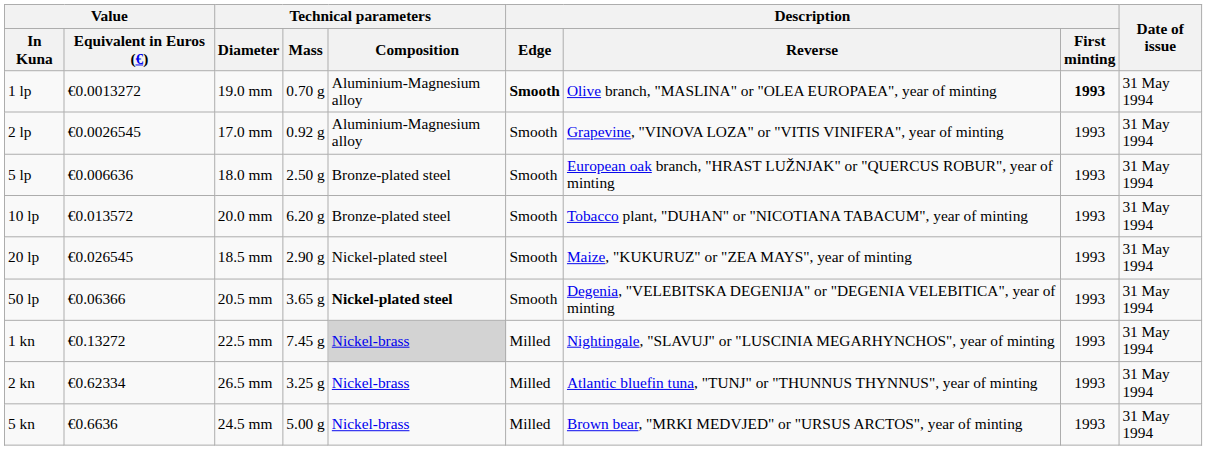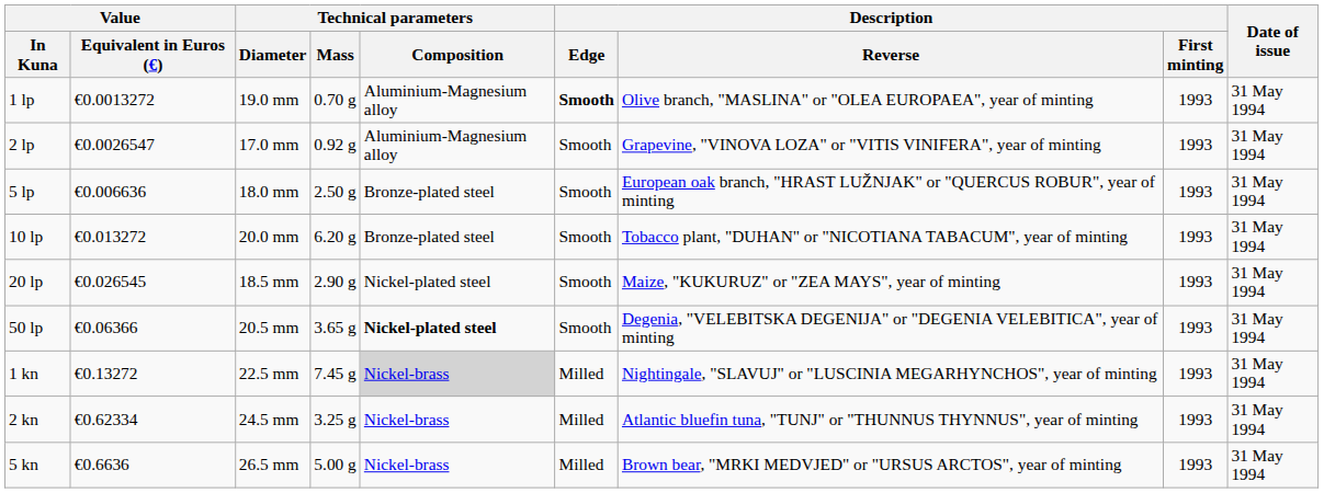 <table class="wikitable">
 <tr>
 <th colspan="2">Value</th>
 <th colspan="3">Technical parameters</th>
 <th colspan=3>Description</th>
 <th rowspan=2>Date of<br>issue</th>
 </tr>
 <tr>
 <th>In Kuna</th>
 <th>Equivalent in Euros (<a href='#'>€</a>)</th>
 <th>Diameter</th>
 <th>Mass</th>
 <th>Composition</th>
 <th>Edge</th>
 <th>Reverse</th>
 <th>First<br>minting</th>
 </tr>
 <tr>
 <td>1 lp</td>
 <td>€0.0013272</td>
 <td>19.0 mm</td>
 <td>0.70 g</td>
 <td>Aluminium-Magnesium alloy</td>
 <td><strong>Smooth</strong></td>
 <td><a href='#'>Olive</a> branch, "MASLINA" or "OLEA EUROPAEA", year of minting</td>
-<td style="text-align:center"><strong>1993</strong></td>
+<td style="text-align:center">1993</td>
 <td>31 May 1994</td>
 </tr>
 <tr>
 <td>2 lp</td>
-<td>€0.0026545</td>
+<td>€0.0026547</td>
 <td>17.0 mm</td>
 <td>0.92 g</td>
 <td>Aluminium-Magnesium alloy</td>
 <td>Smooth</td>
 <td><a href='#'>Grapevine</a>, "VINOVA LOZA" or "VITIS VINIFERA", year of minting</td>
 <td style="text-align:center">1993</td>
 <td>31 May 1994</td>
 </tr>
 <tr>
 <td>5 lp</td>
 <td>€0.006636</td>
 <td>18.0 mm</td>
 <td>2.50 g</td>
 <td>Bronze-plated steel</td>
 <td>Smooth</td>
 <td><a href='#'>European oak</a> branch, "HRAST LUŽNJAK" or "QUERCUS ROBUR", year of minting</td>
 <td style="text-align:center">1993</td>
 <td>31 May 1994</td>
 </tr>
 <tr>
 <td>10 lp</td>
-<td>€0.013572</td>
+<td>€0.013272</td>
 <td>20.0 mm</td>
 <td>6.20 g</td>
 <td>Bronze-plated steel</td>
 <td>Smooth</td>
 <td><a href='#'>Tobacco</a> plant, "DUHAN" or "NICOTIANA TABACUM", year of minting</td>
 <td style="text-align:center">1993</td>
 <td>31 May 1994</td>
 </tr>
 <tr>
 <td>20 lp</td>
 <td>€0.026545</td>
 <td>18.5 mm</td>
 <td>2.90 g</td>
 <td>Nickel-plated steel</td>
 <td>Smooth</td>
 <td><a href='#'>Maize</a>, "KUKURUZ" or "ZEA MAYS", year of minting</td>
 <td style="text-align:center">1993</td>
 <td>31 May 1994</td>
 </tr>
 <tr>
 <td>50 lp</td>
 <td>€0.06366</td>
 <td>20.5 mm</td>
 <td>3.65 g</td>
 <td><strong>Nickel-plated steel</strong></td>
 <td>Smooth</td>
 <td><a href='#'>Degenia</a>, "VELEBITSKA DEGENIJA" or "DEGENIA VELEBITICA", year of minting</td>
 <td style="text-align:center">1993</td>
 <td>31 May 1994</td>
 </tr>
 <tr>
 <td>1 kn</td>
 <td>€0.13272</td>
 <td>22.5 mm</td>
 <td>7.45 g</td>
 <td style="background: lightgrey;"><a href='#'>Nickel-brass</a></td>
 <td>Milled</td>
 <td><a href='#'>Nightingale</a>, "SLAVUJ" or "LUSCINIA MEGARHYNCHOS", year of minting</td>
 <td style="text-align:center">1993</td>
 <td>31 May 1994</td>
 </tr>
 <tr>
 <td>2 kn</td>
 <td>€0.62334</td>
-<td>26.5 mm</td>
+<td>24.5 mm</td>
 <td>3.25 g</td>
 <td><a href='#'>Nickel-brass</a></td>
 <td>Milled</td>
 <td><a href='#'>Atlantic bluefin tuna</a>, "TUNJ" or "THUNNUS THYNNUS", year of minting</td>
 <td style="text-align:center">1993</td>
 <td>31 May 1994</td>
 </tr>
 <tr>
 <td>5 kn</td>
 <td>€0.6636</td>
-<td>24.5 mm</td>
+<td>26.5 mm</td>
 <td>5.00 g</td>
 <td><a href='#'>Nickel-brass</a></td>
 <td>Milled</td>
 <td><a href='#'>Brown bear</a>, "MRKI MEDVJED" or "URSUS ARCTOS", year of minting</td>
 <td style="text-align:center">1993</td>
 <td>31 May 1994</td>
 </tr>
 </table>
